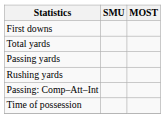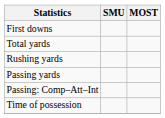 <table class="wikitable" style="float: left;">
 <tr>
 <th>Statistics</th>
 <th>SMU</th>
 <th>MOST</th>
 </tr>
 <tr>
 <td>First downs</td>
 <td></td>
 <td></td>
 </tr>
 <tr>
 <td>Total yards</td>
 <td></td>
 <td></td>
 </tr>
 <tr>
-<td>Passing yards</td>
+<td>Rushing yards</td>
 <td></td>
 <td></td>
 </tr>
 <tr>
-<td>Rushing yards</td>
+<td>Passing yards</td>
 <td></td>
 <td></td>
 </tr>
 <tr>
 <td>Passing: Comp–Att–Int</td>
 <td></td>
 <td></td>
 </tr>
 <tr>
 <td>Time of possession</td>
 <td></td>
 <td></td>
 </tr>
 <tr>
 </tr>
 </table>
